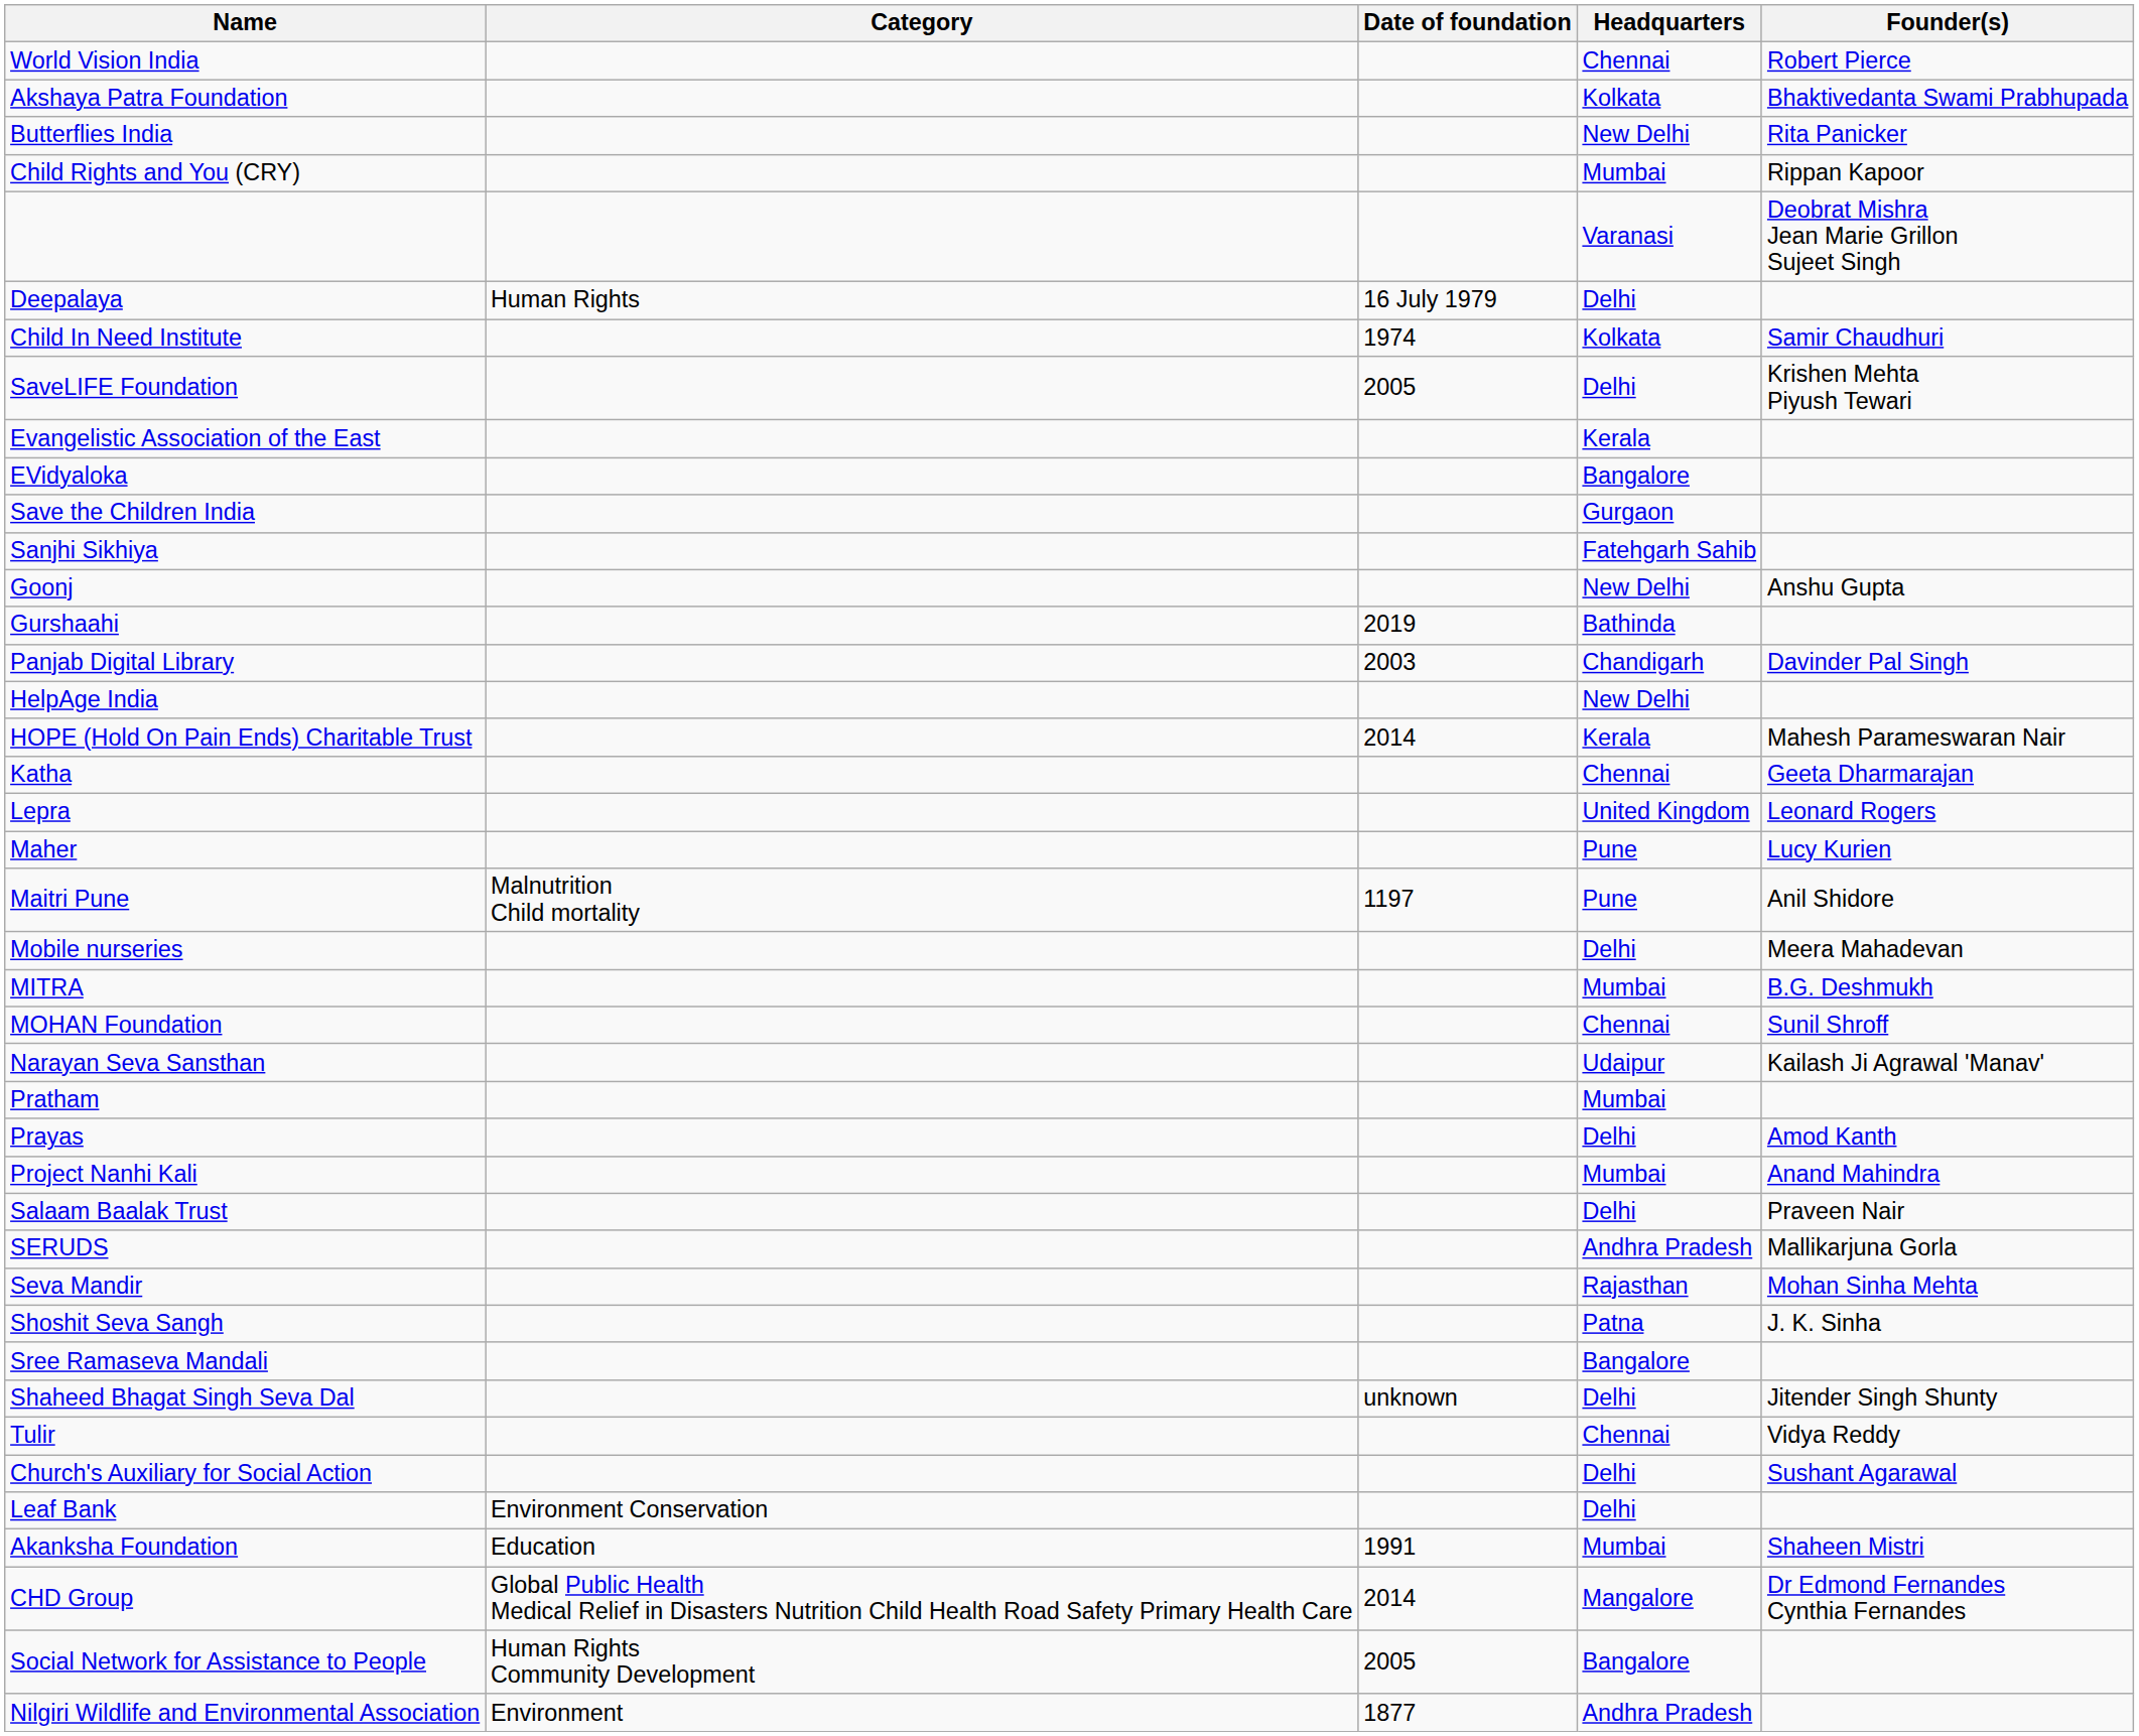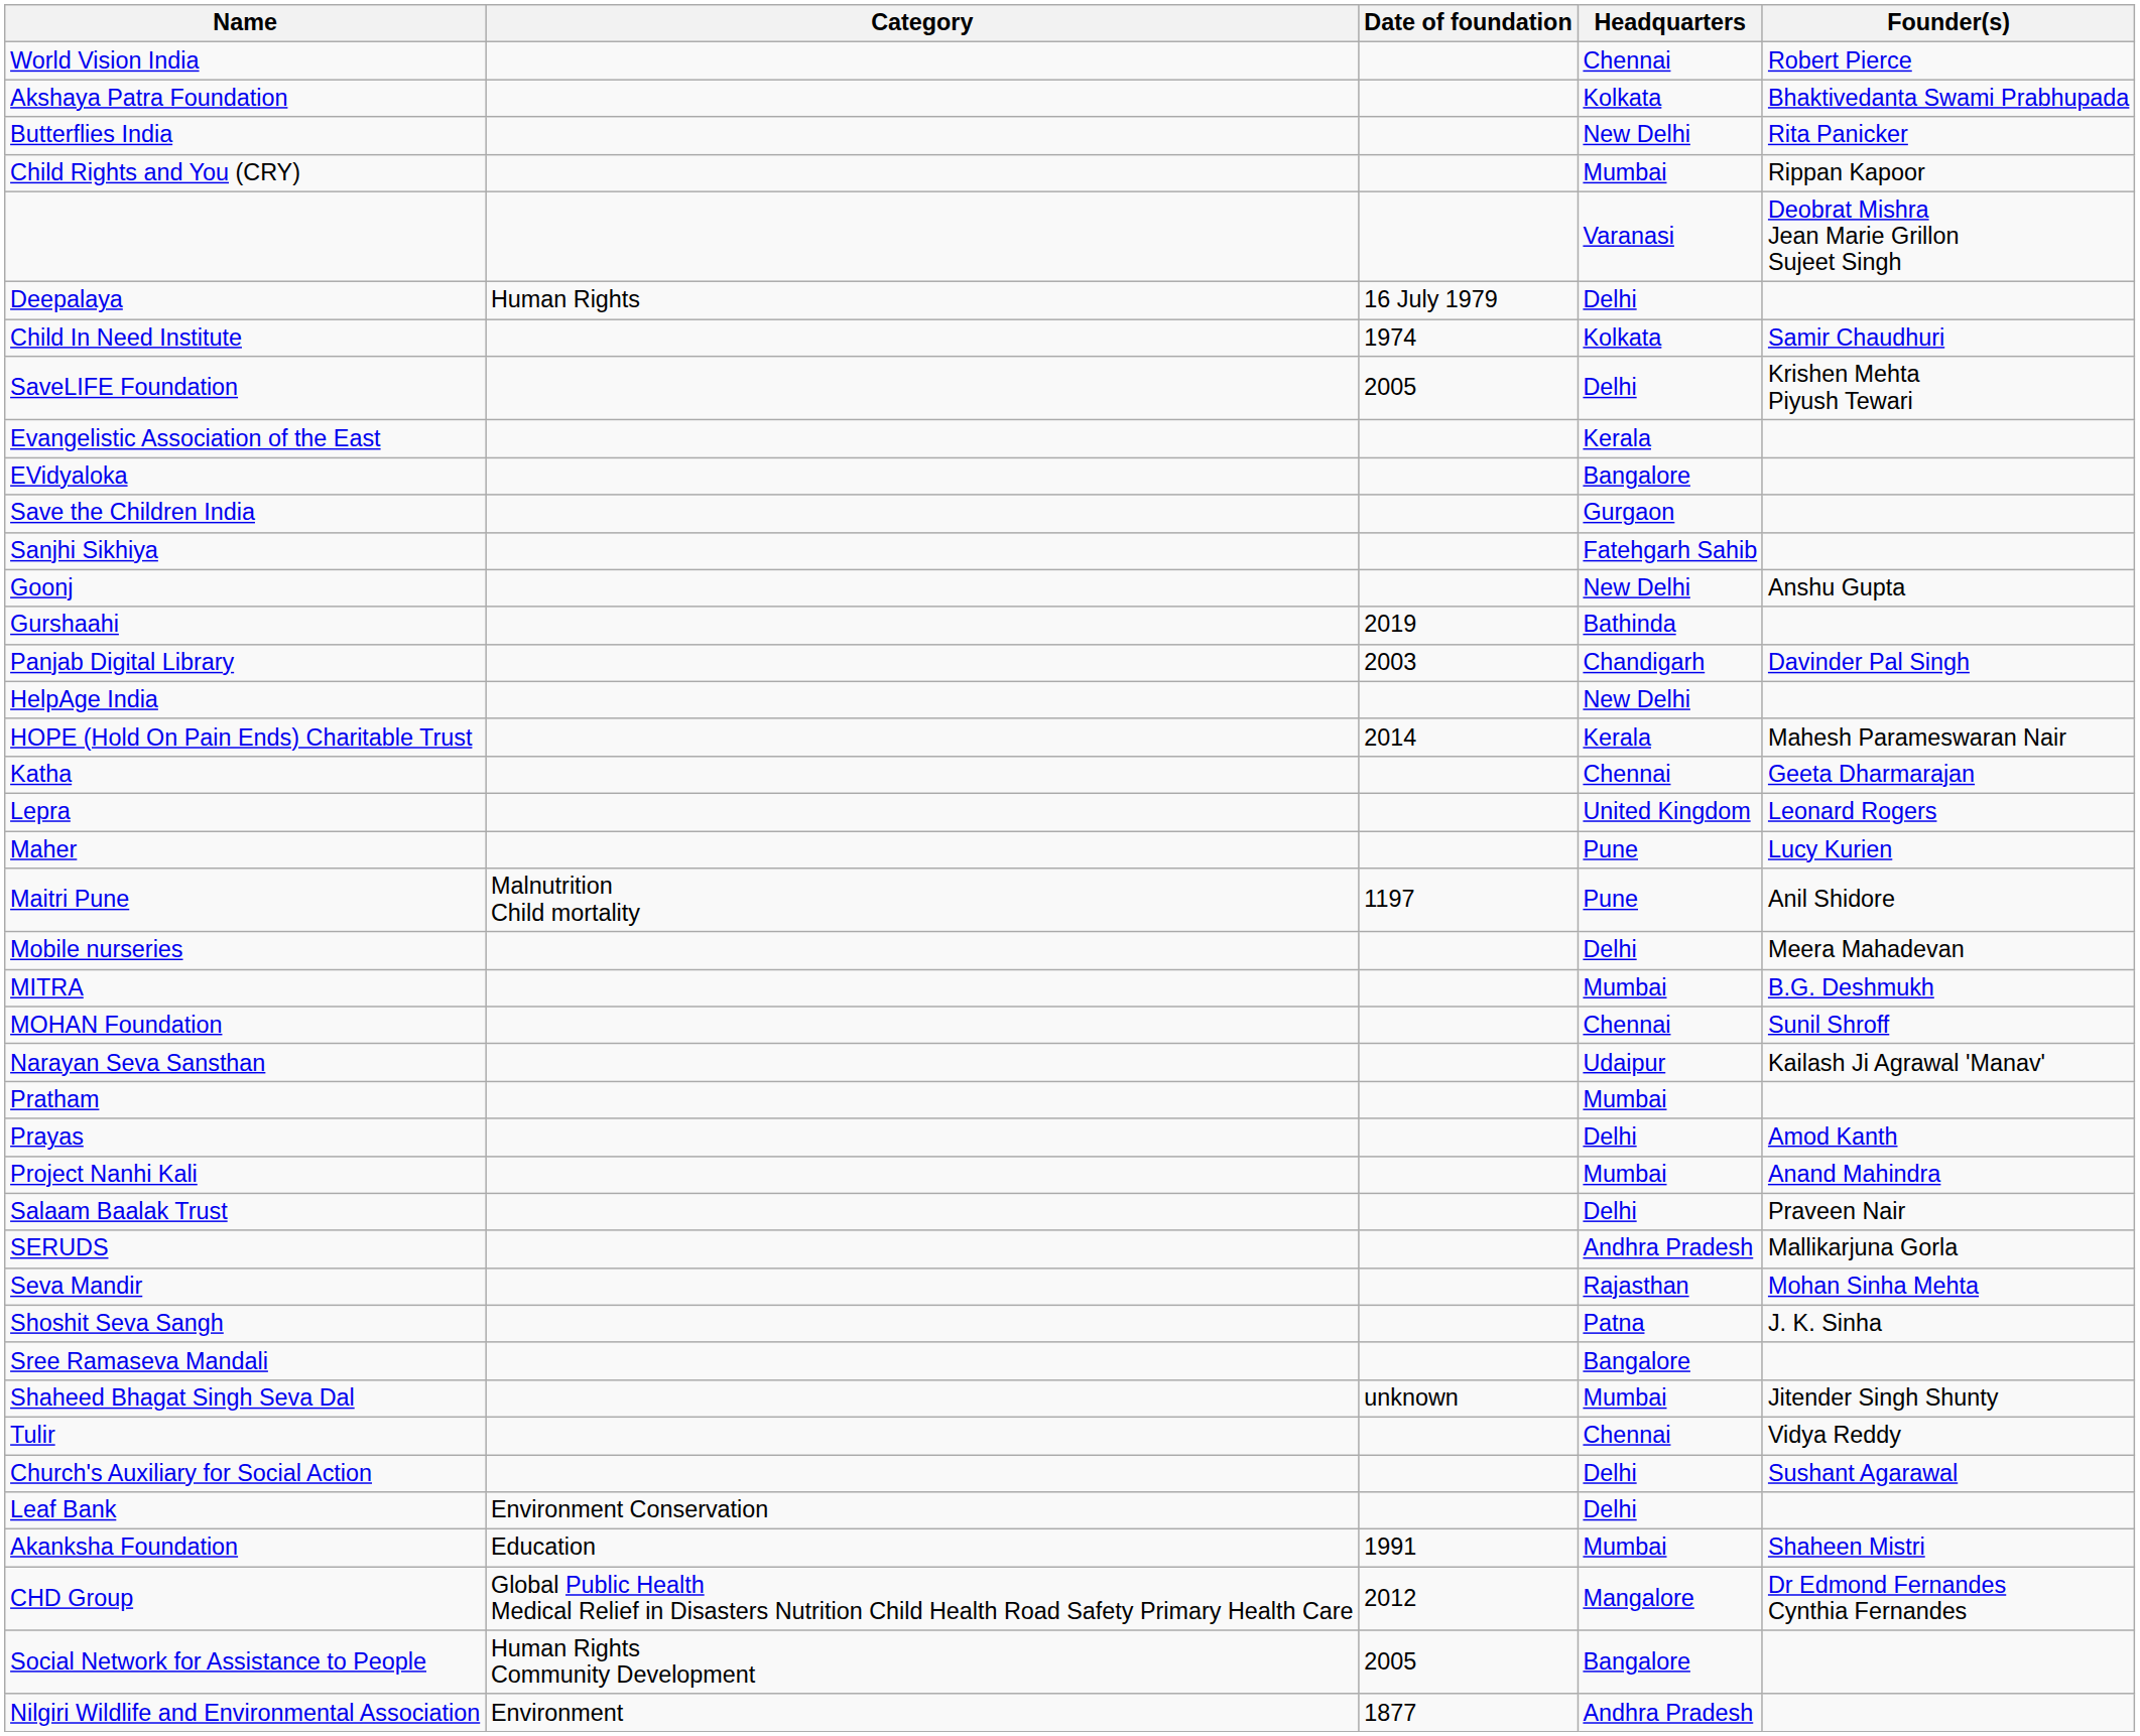 <table class="wikitable sortabl">
 <tr>
 <th scope="col" style="white-space: nowrap;">Name</th>
 <th>Category</th>
 <th scope="col" style="white-space: nowrap;">Date of foundation</th>
 <th scope="col" style="white-space: nowrap;">Headquarters</th>
 <th>Founder(s)</th>
 </tr>
 <tr>
 <td><a href='#'>World Vision India</a></td>
 <td></td>
 <td></td>
 <td><a href='#'>Chennai</a></td>
 <td><a href='#'>Robert Pierce</a></td>
 </tr>
 <tr>
 <td><a href='#'>Akshaya Patra Foundation</a></td>
 <td></td>
 <td></td>
 <td><a href='#'>Kolkata</a></td>
 <td><a href='#'>Bhaktivedanta Swami Prabhupada</a></td>
 </tr>
 <tr>
 <td><a href='#'>Butterflies India</a></td>
 <td></td>
 <td></td>
 <td><a href='#'>New Delhi</a></td>
 <td><a href='#'>Rita Panicker</a></td>
 </tr>
 <tr>
 <td><a href='#'>Child Rights and You</a> (CRY)</td>
 <td></td>
 <td></td>
 <td><a href='#'>Mumbai</a></td>
 <td>Rippan Kapoor</td>
 </tr>
 <tr>
 <td></td>
 <td></td>
 <td></td>
 <td><a href='#'>Varanasi</a></td>
 <td><a href='#'>Deobrat Mishra</a><br>Jean Marie Grillon<br>Sujeet Singh</td>
 </tr>
 <tr>
 <td><a href='#'>Deepalaya</a></td>
 <td>Human Rights</td>
 <td>16 July 1979</td>
 <td><a href='#'>Delhi</a></td>
 <td></td>
 </tr>
 <tr>
 <td><a href='#'>Child In Need Institute</a></td>
 <td></td>
 <td>1974</td>
 <td><a href='#'>Kolkata</a></td>
 <td><a href='#'>Samir Chaudhuri</a></td>
 </tr>
 <tr>
 <td><a href='#'>SaveLIFE Foundation</a></td>
 <td></td>
 <td>2005</td>
 <td><a href='#'>Delhi</a></td>
 <td>Krishen Mehta<br>Piyush Tewari</td>
 </tr>
 <tr>
 <td><a href='#'>Evangelistic Association of the East</a></td>
 <td></td>
 <td></td>
 <td><a href='#'>Kerala</a></td>
 <td></td>
 </tr>
 <tr>
 <td><a href='#'>EVidyaloka</a></td>
 <td></td>
 <td></td>
 <td><a href='#'>Bangalore</a></td>
 <td></td>
 </tr>
 <tr>
 <td><a href='#'>Save the Children India</a></td>
 <td></td>
 <td></td>
 <td><a href='#'>Gurgaon</a></td>
 <td></td>
 </tr>
 <tr>
 <td><a href='#'>Sanjhi Sikhiya</a></td>
 <td></td>
 <td></td>
 <td><a href='#'>Fatehgarh Sahib</a></td>
 <td></td>
 </tr>
 <tr>
 <td><a href='#'>Goonj</a></td>
 <td></td>
 <td></td>
 <td><a href='#'>New Delhi</a></td>
 <td>Anshu Gupta</td>
 </tr>
 <tr>
 <td><a href='#'>Gurshaahi</a></td>
 <td></td>
 <td>2019</td>
 <td><a href='#'>Bathinda</a></td>
 <td></td>
 </tr>
 <tr>
 <td><a href='#'>Panjab Digital Library</a></td>
 <td></td>
 <td>2003</td>
 <td><a href='#'>Chandigarh</a></td>
 <td><a href='#'>Davinder Pal Singh</a></td>
 </tr>
 <tr>
 <td><a href='#'>HelpAge India</a></td>
 <td></td>
 <td></td>
 <td><a href='#'>New Delhi</a></td>
 <td></td>
 </tr>
 <tr>
 <td><a href='#'>HOPE (Hold On Pain Ends) Charitable Trust</a></td>
 <td></td>
 <td>2014</td>
 <td><a href='#'>Kerala</a></td>
 <td>Mahesh Parameswaran Nair</td>
 </tr>
 <tr>
 <td><a href='#'>Katha</a></td>
 <td></td>
 <td></td>
 <td><a href='#'>Chennai</a></td>
 <td><a href='#'>Geeta Dharmarajan</a></td>
 </tr>
 <tr>
 <td><a href='#'>Lepra</a></td>
 <td></td>
 <td></td>
 <td><a href='#'>United Kingdom</a></td>
 <td><a href='#'>Leonard Rogers</a></td>
 </tr>
 <tr>
 <td><a href='#'>Maher</a></td>
 <td></td>
 <td></td>
 <td><a href='#'>Pune</a></td>
 <td><a href='#'>Lucy Kurien</a></td>
 </tr>
 <tr>
 <td><a href='#'>Maitri Pune</a></td>
 <td>Malnutrition<br>Child mortality</td>
 <td>1197</td>
 <td><a href='#'>Pune</a></td>
 <td>Anil Shidore</td>
 </tr>
 <tr>
 <td><a href='#'>Mobile nurseries</a></td>
 <td></td>
 <td></td>
 <td><a href='#'>Delhi</a></td>
 <td>Meera Mahadevan</td>
 </tr>
 <tr>
 <td><a href='#'>MITRA</a></td>
 <td></td>
 <td></td>
 <td><a href='#'>Mumbai</a></td>
 <td><a href='#'>B.G. Deshmukh</a></td>
 </tr>
 <tr>
 <td><a href='#'>MOHAN Foundation</a></td>
 <td></td>
 <td></td>
 <td><a href='#'>Chennai</a></td>
 <td><a href='#'>Sunil Shroff</a></td>
 </tr>
 <tr>
 <td><a href='#'>Narayan Seva Sansthan</a></td>
 <td></td>
 <td></td>
 <td><a href='#'>Udaipur</a></td>
 <td>Kailash Ji Agrawal 'Manav'</td>
 </tr>
 <tr>
 <td><a href='#'>Pratham</a></td>
 <td></td>
 <td></td>
 <td><a href='#'>Mumbai</a></td>
 <td></td>
 </tr>
 <tr>
 <td><a href='#'>Prayas</a></td>
 <td></td>
 <td></td>
 <td><a href='#'>Delhi</a></td>
 <td><a href='#'>Amod Kanth</a></td>
 </tr>
 <tr>
 <td><a href='#'>Project Nanhi Kali</a></td>
 <td></td>
 <td></td>
 <td><a href='#'>Mumbai</a></td>
 <td><a href='#'>Anand Mahindra</a></td>
 </tr>
 <tr>
 <td><a href='#'>Salaam Baalak Trust</a></td>
 <td></td>
 <td></td>
 <td><a href='#'>Delhi</a></td>
 <td>Praveen Nair</td>
 </tr>
 <tr>
 <td><a href='#'>SERUDS</a></td>
 <td></td>
 <td></td>
 <td><a href='#'>Andhra Pradesh</a></td>
 <td>Mallikarjuna Gorla</td>
 </tr>
 <tr>
 <td><a href='#'>Seva Mandir</a></td>
 <td></td>
 <td></td>
 <td><a href='#'>Rajasthan</a></td>
 <td><a href='#'>Mohan Sinha Mehta</a></td>
 </tr>
 <tr>
 <td><a href='#'>Shoshit Seva Sangh</a></td>
 <td></td>
 <td></td>
 <td><a href='#'>Patna</a></td>
 <td>J. K. Sinha</td>
 </tr>
 <tr>
 <td><a href='#'>Sree Ramaseva Mandali</a></td>
 <td></td>
 <td></td>
 <td><a href='#'>Bangalore</a></td>
 <td></td>
 </tr>
 <tr>
 <td><a href='#'>Shaheed Bhagat Singh Seva Dal</a></td>
 <td></td>
 <td>unknown</td>
-<td><a href='#'>Delhi</a></td>
+<td><a href='#'>Mumbai</a></td>
 <td>Jitender Singh Shunty</td>
 </tr>
 <tr>
 <td><a href='#'>Tulir</a></td>
 <td></td>
 <td></td>
 <td><a href='#'>Chennai</a></td>
 <td>Vidya Reddy</td>
 </tr>
 <tr>
 <td><a href='#'>Church's Auxiliary for Social Action</a></td>
 <td></td>
 <td></td>
 <td><a href='#'>Delhi</a></td>
 <td><a href='#'>Sushant Agarawal</a></td>
 </tr>
 <tr>
 <td><a href='#'>Leaf Bank</a></td>
 <td>Environment Conservation</td>
 <td></td>
 <td><a href='#'>Delhi</a></td>
 <td></td>
 </tr>
 <tr>
 <td><a href='#'>Akanksha Foundation</a></td>
 <td>Education</td>
 <td>1991</td>
 <td><a href='#'>Mumbai</a></td>
 <td><a href='#'>Shaheen Mistri</a></td>
 </tr>
 <tr>
 <td><a href='#'>CHD Group</a></td>
 <td>Global <a href='#'>Public Health</a><br>Medical Relief in Disasters Nutrition Child Health Road Safety Primary Health Care</td>
-<td>2014</td>
+<td>2012</td>
 <td><a href='#'>Mangalore</a></td>
 <td><a href='#'>Dr Edmond Fernandes</a><br>Cynthia Fernandes</td>
 </tr>
 <tr>
 <td><a href='#'>Social Network for Assistance to People</a></td>
 <td>Human Rights<br>Community Development</td>
 <td>2005</td>
 <td><a href='#'>Bangalore</a></td>
 <td></td>
 </tr>
 <tr>
 <td><a href='#'>Nilgiri Wildlife and Environmental Association</a></td>
 <td>Environment</td>
 <td>1877</td>
 <td><a href='#'>Andhra Pradesh</a></td>
 <td></td>
 </tr>
 </table>
